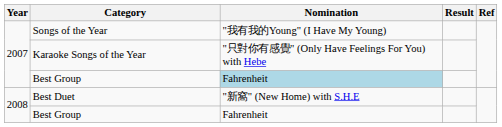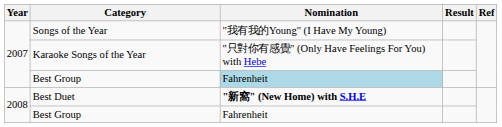 <table class="wikitable">
 <tr>
 <th>Year</th>
 <th width="280">Category</th>
 <th width="330">Nomination</th>
 <th>Result</th>
 <th>Ref</th>
 </tr>
 <tr>
 <td rowspan="3">2007</td>
 <td>Songs of the Year</td>
 <td>"我有我的Young" (I Have My Young)</td>
 <td></td>
 <td rowspan="3" align="center"></td>
 </tr>
 <tr>
 <td>Karaoke Songs of the Year</td>
 <td>"只對你有感覺" (Only Have Feelings For You) with <a href='#'>Hebe</a></td>
 <td></td>
 </tr>
 <tr>
 <td>Best Group</td>
 <td style="background: lightblue;">Fahrenheit</td>
 <td></td>
 </tr>
 <tr>
 <td rowspan="2">2008</td>
 <td>Best Duet</td>
-<td>"新窩" (New Home) with <a href='#'>S.H.E</a></td>
+<td><strong>"新窩" (New Home) with <a href='#'>S.H.E</a></strong></td>
 <td></td>
 <td rowspan="2" align="center"></td>
 </tr>
 <tr>
 <td>Best Group</td>
 <td>Fahrenheit</td>
 <td></td>
 </tr>
 </table>
